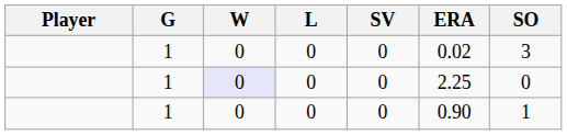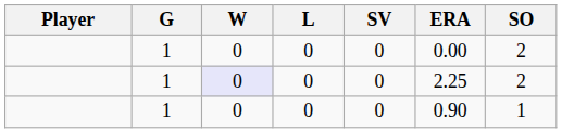 <table class="wikitable sortable">
 <tr>
 <th bgcolor="#DDDDFF" width="16%">Player</th>
 <th bgcolor="#DDDDFF" width="9%">G</th>
 <th bgcolor="#DDDDFF" width="9%">W</th>
 <th bgcolor="#DDDDFF" width="9%">L</th>
 <th bgcolor="#DDDDFF" width="9%">SV</th>
 <th bgcolor="#DDDDFF" width="9%">ERA</th>
 <th bgcolor="#DDDDFF" width="9%">SO</th>
 </tr>
 <tr align="center">
 <td></td>
 <td>1</td>
 <td>0</td>
 <td>0</td>
 <td>0</td>
-<td>0.02</td>
-<td>3</td>
+<td>0.00</td>
+<td>2</td>
 </tr>
 <tr align="center">
 <td></td>
 <td>1</td>
 <td style="background: lavender;">0</td>
 <td>0</td>
 <td>0</td>
 <td>2.25</td>
-<td>0</td>
+<td>2</td>
 </tr>
 <tr align="center">
 <td></td>
 <td>1</td>
 <td>0</td>
 <td>0</td>
 <td>0</td>
 <td>0.90</td>
 <td>1</td>
 </tr>
 </table>
